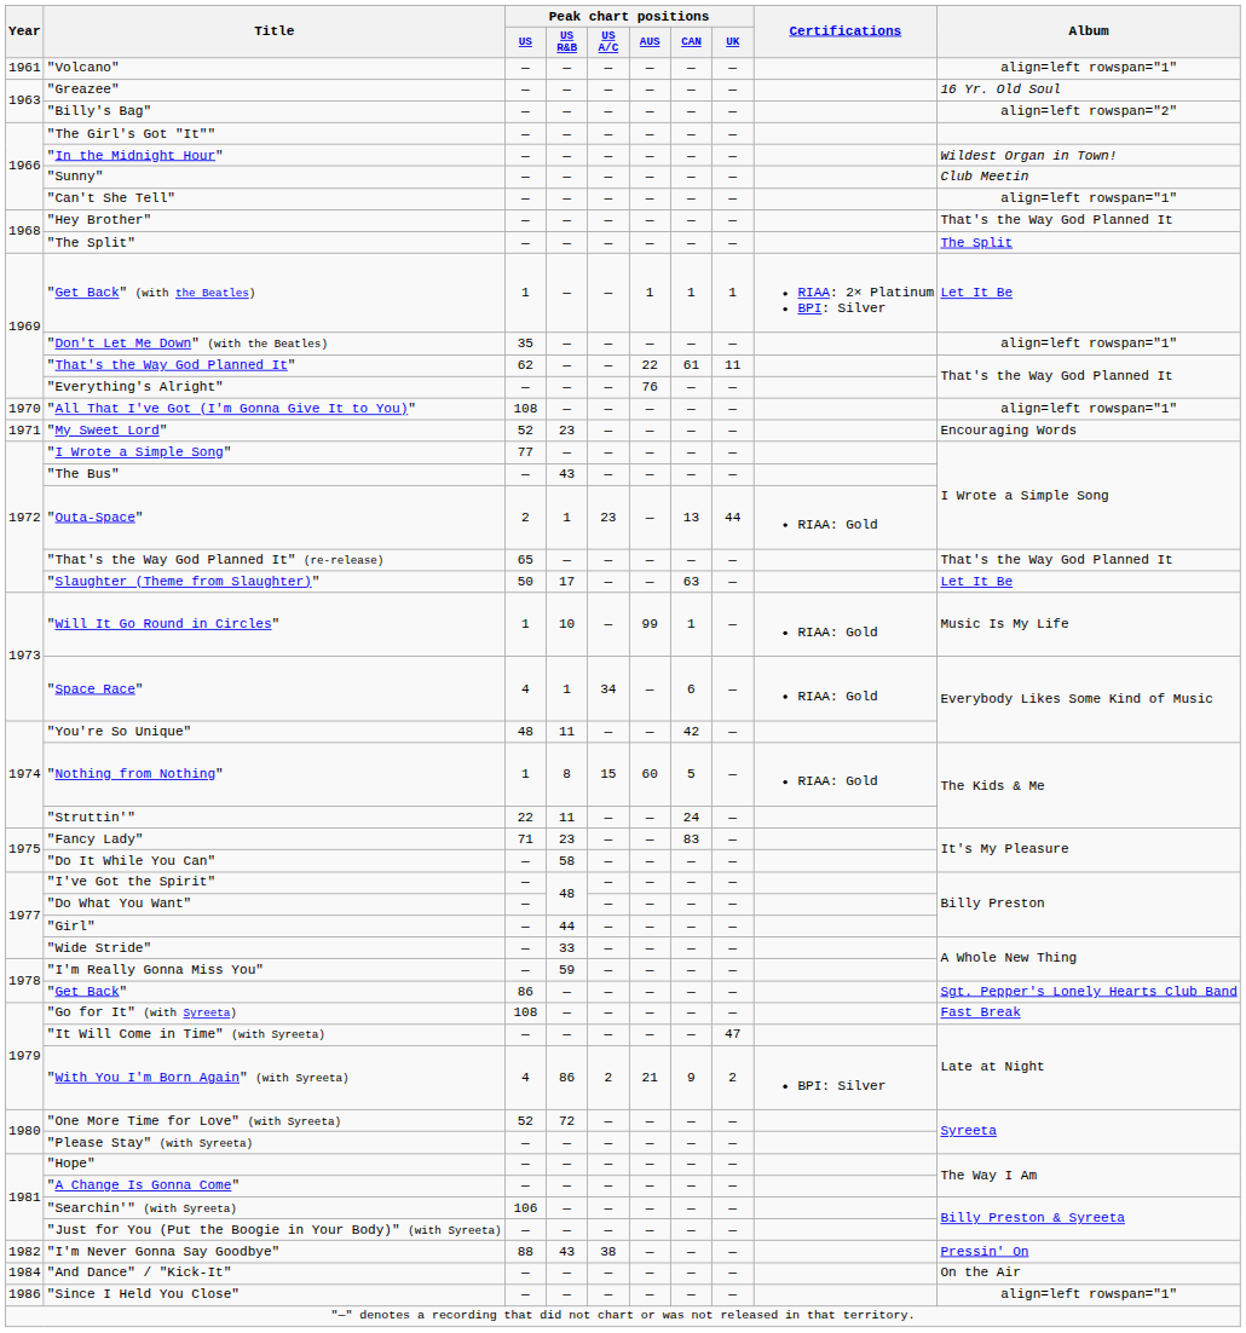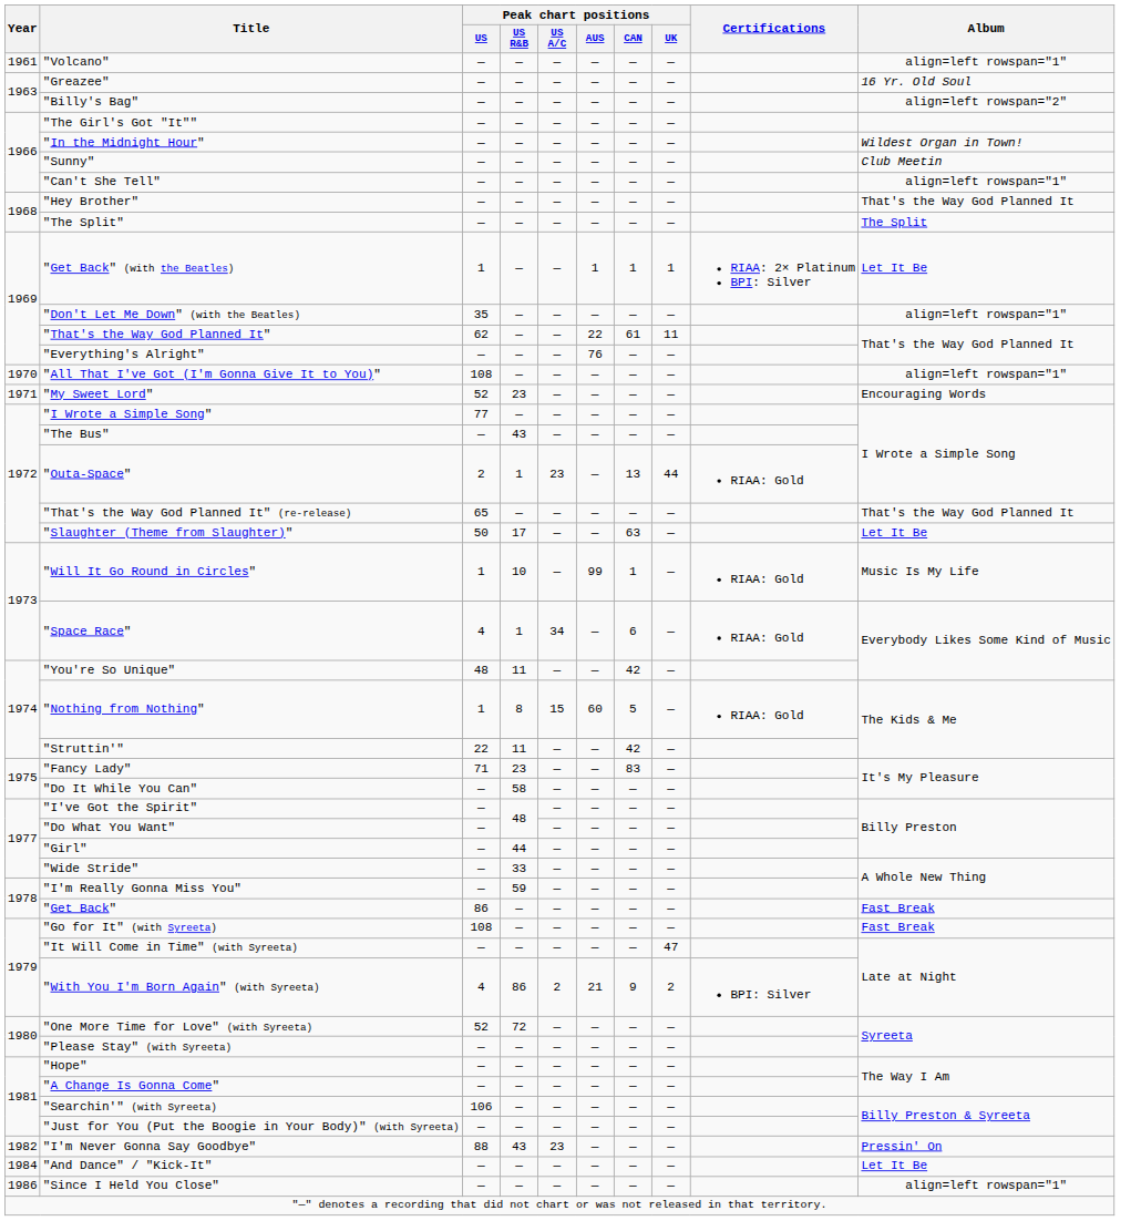 <table class="wikitable" style="text-align:center;">
 <tr>
 <th rowspan="2">Year</th>
 <th rowspan="2">Title</th>
 <th colspan="6">Peak chart positions</th>
 <th rowspan="2"><a href='#'>Certifications</a></th>
 <th rowspan="2">Album</th>
 </tr>
 <tr style="font-size:smaller;">
 <th width="35"><a href='#'>US</a><br></th>
 <th width="35"><a href='#'>US R&B</a><br></th>
 <th width="35"><a href='#'>US A/C</a><br></th>
 <th width="35"><a href='#'>AUS</a><br></th>
 <th width="35"><a href='#'>CAN</a><br></th>
 <th width="35"><a href='#'>UK</a><br></th>
 </tr>
 <tr>
 <td rowspan="1">1961</td>
 <td align="left">"Volcano"</td>
 <td>—</td>
 <td>—</td>
 <td>—</td>
 <td>—</td>
 <td>—</td>
 <td>—</td>
 <td align=left></td>
 <td>align=left rowspan="1" </td>
 </tr>
 <tr>
 <td rowspan="2">1963</td>
 <td align="left">"Greazee"</td>
 <td>—</td>
 <td>—</td>
 <td>—</td>
 <td>—</td>
 <td>—</td>
 <td>—</td>
 <td align=left></td>
 <td align=left rowspan="1"><em>16 Yr. Old Soul</em></td>
 </tr>
 <tr>
 <td align="left">"Billy's Bag"</td>
 <td>—</td>
 <td>—</td>
 <td>—</td>
 <td>—</td>
 <td>—</td>
 <td>—</td>
 <td align=left></td>
 <td>align=left rowspan="2" </td>
 </tr>
 <tr>
 <td rowspan="4">1966</td>
 <td align="left">"The Girl's Got "It""</td>
 <td>—</td>
 <td>—</td>
 <td>—</td>
 <td>—</td>
 <td>—</td>
 <td>—</td>
 <td align=left></td>
 </tr>
 <tr>
 <td align="left">"<a href='#'>In the Midnight Hour</a>"</td>
 <td>—</td>
 <td>—</td>
 <td>—</td>
 <td>—</td>
 <td>—</td>
 <td>—</td>
 <td align=left></td>
 <td align=left rowspan="1"><em>Wildest Organ in Town!</em></td>
 </tr>
 <tr>
 <td align="left">"Sunny"</td>
 <td>—</td>
 <td>—</td>
 <td>—</td>
 <td>—</td>
 <td>—</td>
 <td>—</td>
 <td align=left></td>
 <td align=left rowspan="1"><em>Club Meetin<strong></td>
 </tr>
 <tr>
 <td align="left">"Can't She Tell"</td>
 <td>—</td>
 <td>—</td>
 <td>—</td>
 <td>—</td>
 <td>—</td>
 <td>—</td>
 <td align=left></td>
 <td>align=left rowspan="1" </td>
 </tr>
 <tr>
 <td rowspan="2">1968</td>
 <td align="left">"Hey Brother"</td>
 <td>—</td>
 <td>—</td>
 <td>—</td>
 <td>—</td>
 <td>—</td>
 <td>—</td>
 <td align=left></td>
 <td align=left rowspan="1"></em>That's the Way God Planned It<em></td>
 </tr>
 <tr>
 <td align="left">"The Split"</td>
 <td>—</td>
 <td>—</td>
 <td>—</td>
 <td>—</td>
 <td>—</td>
 <td>—</td>
 <td align=left></td>
 <td align=left rowspan="1"></em><a href='#'>The Split</a><em></td>
 </tr>
 <tr>
 <td rowspan="4">1969</td>
 <td align="left">"<a href='#'>Get Back</a>" <small>(with <a href='#'>the Beatles</a>)</small></td>
 <td>1</td>
 <td>—</td>
 <td>—</td>
 <td>1</td>
 <td>1</td>
 <td>1</td>
 <td align=left><br><ul><li><a href='#'>RIAA</a>: 2× Platinum</li><li><a href='#'>BPI</a>: Silver</li></ul></td>
 <td align=left rowspan="1"></em><a href='#'>Let It Be</a><em></td>
 </tr>
 <tr>
 <td align="left">"<a href='#'>Don't Let Me Down</a>" <small>(with the Beatles)</small></td>
 <td>35</td>
 <td>—</td>
 <td>—</td>
 <td>—</td>
 <td>—</td>
 <td>—</td>
 <td align=left></td>
 <td>align=left rowspan="1" </td>
 </tr>
 <tr>
 <td align="left">"<a href='#'>That's the Way God Planned It</a>"</td>
 <td>62</td>
 <td>—</td>
 <td>—</td>
 <td>22</td>
 <td>61</td>
 <td>11</td>
 <td align=left></td>
 <td align=left rowspan="2"></em>That's the Way God Planned It<em></td>
 </tr>
 <tr>
 <td align="left">"Everything's Alright"</td>
 <td>—</td>
 <td>—</td>
 <td>—</td>
 <td>76</td>
 <td>—</td>
 <td>—</td>
 <td align=left></td>
 </tr>
 <tr>
 <td rowspan="1">1970</td>
 <td align="left">"<a href='#'>All That I've Got (I'm Gonna Give It to You)</a>"</td>
 <td>108</td>
 <td>—</td>
 <td>—</td>
 <td>—</td>
 <td>—</td>
 <td>—</td>
 <td align=left></td>
 <td>align=left rowspan="1" </td>
 </tr>
 <tr>
 <td rowspan="1">1971</td>
 <td align="left">"<a href='#'>My Sweet Lord</a>"</td>
 <td>52</td>
 <td>23</td>
 <td>—</td>
 <td>—</td>
 <td>—</td>
 <td>—</td>
 <td align=left></td>
 <td align=left rowspan="1"></em>Encouraging Words<em></td>
 </tr>
 <tr>
 <td rowspan="5">1972</td>
 <td align="left">"<a href='#'>I Wrote a Simple Song</a>"</td>
 <td>77</td>
 <td>—</td>
 <td>—</td>
 <td>—</td>
 <td>—</td>
 <td>—</td>
 <td align=left></td>
 <td align=left rowspan="3"></em>I Wrote a Simple Song<em></td>
 </tr>
 <tr>
 <td align="left">"The Bus"</td>
 <td>—</td>
 <td>43</td>
 <td>—</td>
 <td>—</td>
 <td>—</td>
 <td>—</td>
 <td align=left></td>
 </tr>
 <tr>
 <td align="left">"<a href='#'>Outa-Space</a>"</td>
 <td>2</td>
 <td>1</td>
 <td>23</td>
 <td>—</td>
 <td>13</td>
 <td>44</td>
 <td align=left><br><ul><li>RIAA: Gold</li></ul></td>
 </tr>
 <tr>
 <td align="left">"That's the Way God Planned It" <small>(re-release)</small></td>
 <td>65</td>
 <td>—</td>
 <td>—</td>
 <td>—</td>
 <td>—</td>
 <td>—</td>
 <td align=left></td>
 <td align=left rowspan="1"></em>That's the Way God Planned It<em></td>
 </tr>
 <tr>
 <td align="left">"<a href='#'>Slaughter (Theme from Slaughter)</a>"</td>
 <td>50</td>
 <td>17</td>
 <td>—</td>
 <td>—</td>
 <td>63</td>
 <td>—</td>
 <td align=left></td>
 <td align=left rowspan="1"></em><a href='#'>Let It Be</a><em></td>
 </tr>
 <tr>
 <td rowspan="2">1973</td>
 <td align="left">"<a href='#'>Will It Go Round in Circles</a>"</td>
 <td>1</td>
 <td>10</td>
 <td>—</td>
 <td>99</td>
 <td>1</td>
 <td>—</td>
 <td align=left><br><ul><li>RIAA: Gold</li></ul></td>
 <td align=left rowspan="1"></em>Music Is My Life<em></td>
 </tr>
 <tr>
 <td align="left">"<a href='#'>Space Race</a>"</td>
 <td>4</td>
 <td>1</td>
 <td>34</td>
 <td>—</td>
 <td>6</td>
 <td>—</td>
 <td align=left><br><ul><li>RIAA: Gold</li></ul></td>
 <td align=left rowspan="2"></em>Everybody Likes Some Kind of Music<em></td>
 </tr>
 <tr>
 <td rowspan="3">1974</td>
 <td align="left">"You're So Unique"</td>
 <td>48</td>
 <td>11</td>
 <td>—</td>
 <td>—</td>
 <td>42</td>
 <td>—</td>
 <td align=left></td>
 </tr>
 <tr>
 <td align="left">"<a href='#'>Nothing from Nothing</a>"</td>
 <td>1</td>
 <td>8</td>
 <td>15</td>
 <td>60</td>
 <td>5</td>
 <td>—</td>
 <td align=left><br><ul><li>RIAA: Gold</li></ul></td>
 <td align=left rowspan="2"></em>The Kids & Me<em></td>
 </tr>
 <tr>
 <td align="left">"Struttin'"</td>
 <td>22</td>
 <td>11</td>
 <td>—</td>
 <td>—</td>
-<td>24</td>
+<td>42</td>
 <td>—</td>
 <td align=left></td>
 </tr>
 <tr>
 <td rowspan="2">1975</td>
 <td align="left">"Fancy Lady"</td>
 <td>71</td>
 <td>23</td>
 <td>—</td>
 <td>—</td>
 <td>83</td>
 <td>—</td>
 <td align=left></td>
 <td align=left rowspan="2"></em>It's My Pleasure<em></td>
 </tr>
 <tr>
 <td align="left">"Do It While You Can"</td>
 <td>—</td>
 <td>58</td>
 <td>—</td>
 <td>—</td>
 <td>—</td>
 <td>—</td>
 <td align=left></td>
 </tr>
 <tr>
 <td rowspan="4">1977</td>
 <td align="left">"I've Got the Spirit"</td>
 <td>—</td>
 <td rowspan="2">48</td>
 <td>—</td>
 <td>—</td>
 <td>—</td>
 <td>—</td>
 <td align=left></td>
 <td align=left rowspan="3"></em>Billy Preston<em></td>
 </tr>
 <tr>
 <td align="left">"Do What You Want"</td>
 <td>—</td>
 <td>—</td>
 <td>—</td>
 <td>—</td>
 <td>—</td>
 <td align=left></td>
 </tr>
 <tr>
 <td align="left">"Girl"</td>
 <td>—</td>
 <td>44</td>
 <td>—</td>
 <td>—</td>
 <td>—</td>
 <td>—</td>
 <td align=left></td>
 </tr>
 <tr>
 <td align="left">"Wide Stride"</td>
 <td>—</td>
 <td>33</td>
 <td>—</td>
 <td>—</td>
 <td>—</td>
 <td>—</td>
 <td align=left></td>
 <td align=left rowspan="2"></em>A Whole New Thing<em></td>
 </tr>
 <tr>
 <td rowspan="2">1978</td>
 <td align="left">"I'm Really Gonna Miss You"</td>
 <td>—</td>
 <td>59</td>
 <td>—</td>
 <td>—</td>
 <td>—</td>
 <td>—</td>
 <td align=left></td>
 </tr>
 <tr>
 <td align="left">"<a href='#'>Get Back</a>"</td>
 <td>86</td>
 <td>—</td>
 <td>—</td>
 <td>—</td>
 <td>—</td>
 <td>—</td>
 <td align=left></td>
-<td align=left rowspan="1"></em><a href='#'>Sgt. Pepper's Lonely Hearts Club Band</a><em></td>
+<td align=left rowspan="1"></em><a href='#'>Fast Break</a><em></td>
 </tr>
 <tr>
 <td rowspan="3">1979</td>
 <td align="left">"Go for It" <small>(with <a href='#'>Syreeta</a>)</small></td>
 <td>108</td>
 <td>—</td>
 <td>—</td>
 <td>—</td>
 <td>—</td>
 <td>—</td>
 <td align=left></td>
 <td align=left rowspan="1"></em><a href='#'>Fast Break</a><em></td>
 </tr>
 <tr>
 <td align="left">"It Will Come in Time" <small>(with Syreeta)</small></td>
 <td>—</td>
 <td>—</td>
 <td>—</td>
 <td>—</td>
 <td>—</td>
 <td>47</td>
 <td align=left></td>
 <td align=left rowspan="2"></em>Late at Night<em></td>
 </tr>
 <tr>
 <td align="left">"<a href='#'>With You I'm Born Again</a>" <small>(with Syreeta)</small></td>
 <td>4</td>
 <td>86</td>
 <td>2</td>
 <td>21</td>
 <td>9</td>
 <td>2</td>
 <td align=left><br><ul><li>BPI: Silver</li></ul></td>
 </tr>
 <tr>
 <td rowspan="2">1980</td>
 <td align="left">"One More Time for Love" <small>(with Syreeta)</small></td>
 <td>52</td>
 <td>72</td>
 <td>—</td>
 <td>—</td>
 <td>—</td>
 <td>—</td>
 <td align=left></td>
 <td align=left rowspan="2"></em><a href='#'>Syreeta</a><em></td>
 </tr>
 <tr>
 <td align="left">"Please Stay" <small>(with Syreeta)</small></td>
 <td>—</td>
 <td>—</td>
 <td>—</td>
 <td>—</td>
 <td>—</td>
 <td>—</td>
 <td align=left></td>
 </tr>
 <tr>
 <td rowspan="4">1981</td>
 <td align="left">"Hope"</td>
 <td>—</td>
 <td>—</td>
 <td>—</td>
 <td>—</td>
 <td>—</td>
 <td>—</td>
 <td align=left></td>
 <td align=left rowspan="2"></em>The Way I Am<em></td>
 </tr>
 <tr>
 <td align="left">"<a href='#'>A Change Is Gonna Come</a>"</td>
 <td>—</td>
 <td>—</td>
 <td>—</td>
 <td>—</td>
 <td>—</td>
 <td>—</td>
 <td align=left></td>
 </tr>
 <tr>
 <td align="left">"Searchin'" <small>(with Syreeta)</small></td>
 <td>106</td>
 <td>—</td>
 <td>—</td>
 <td>—</td>
 <td>—</td>
 <td>—</td>
 <td align=left></td>
 <td align=left rowspan="2"></em><a href='#'>Billy Preston & Syreeta</a><em></td>
 </tr>
 <tr>
 <td align="left">"Just for You (Put the Boogie in Your Body)" <small>(with Syreeta)</small></td>
 <td>—</td>
 <td>—</td>
 <td>—</td>
 <td>—</td>
 <td>—</td>
 <td>—</td>
 <td align=left></td>
 </tr>
 <tr>
 <td rowspan="1">1982</td>
 <td align="left">"I'm Never Gonna Say Goodbye"</td>
 <td>88</td>
 <td>43</td>
-<td>38</td>
+<td>23</td>
 <td>—</td>
 <td>—</td>
 <td>—</td>
 <td align=left></td>
 <td align=left rowspan="1"></em><a href='#'>Pressin' On</a><em></td>
 </tr>
 <tr>
 <td rowspan="1">1984</td>
 <td align="left">"And Dance" / "Kick-It"</td>
 <td>—</td>
 <td>—</td>
 <td>—</td>
 <td>—</td>
 <td>—</td>
 <td>—</td>
 <td align=left></td>
-<td align=left rowspan="1"></em>On the Air<em></td>
+<td align=left rowspan="1"></em><a href='#'>Let It Be</a><em></td>
 </tr>
 <tr>
 <td rowspan="1">1986</td>
 <td align="left">"Since I Held You Close"</td>
 <td>—</td>
 <td>—</td>
 <td>—</td>
 <td>—</td>
 <td>—</td>
 <td>—</td>
 <td align=left></td>
 <td>align=left rowspan="1" </td>
 </tr>
 <tr>
 <td colspan="15" style="font-size:90%">"—" denotes a recording that did not chart or was not released in that territory.</td>
 </tr>
 </table>
